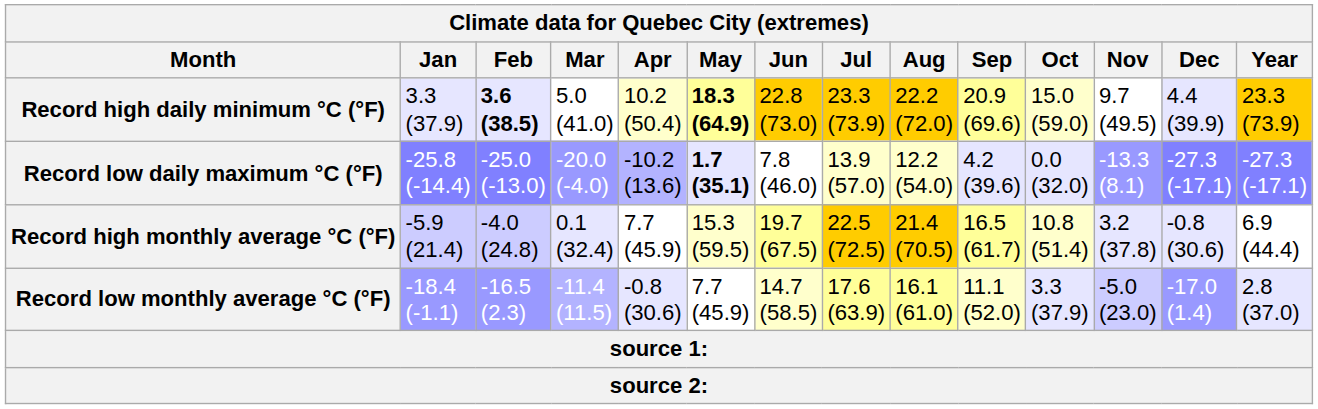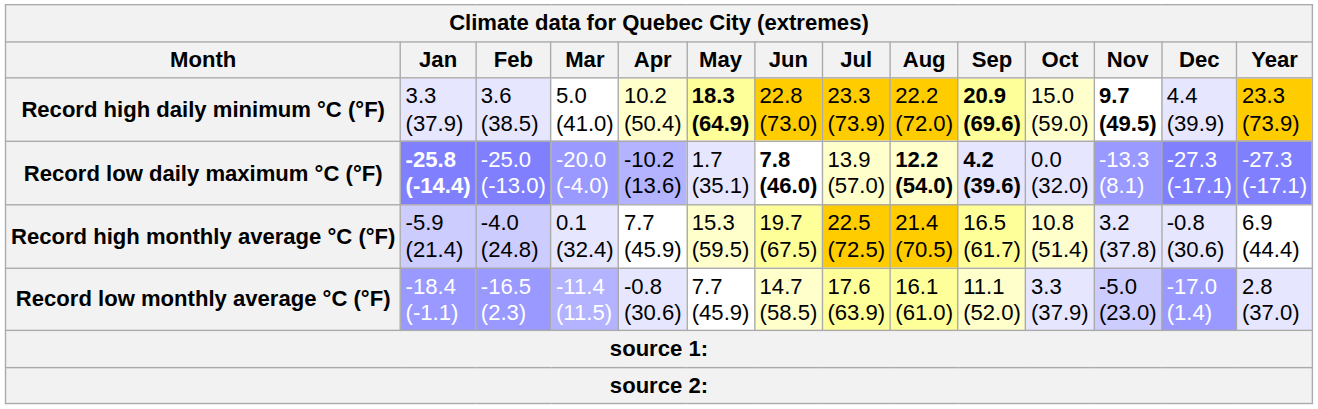 <table style="width:100%:text-align:center;line-height:1.2em;margin-left:auto;margin-left:auto;margin-right:auto"class="wikitable mw-collapsible mw-collapsed">
 <tr>
 <th Colspan=14>Climate data for Quebec City (extremes)</th>
 </tr>
 <tr>
 <th>Month</th>
 <th>Jan</th>
 <th>Feb</th>
 <th>Mar</th>
 <th>Apr</th>
 <th>May</th>
 <th>Jun</th>
 <th>Jul</th>
 <th>Aug</th>
 <th>Sep</th>
 <th>Oct</th>
 <th>Nov</th>
 <th>Dec</th>
 <th>Year</th>
 </tr>
 <tr>
 <th>Record high daily minimum °C (°F)</th>
 <td style="background:#E6E6FF;color:#000000;">3.3<br>(37.9)</td>
-<td style="background:#E6E6FF;color:#000000;"><strong>3.6<br>(38.5)</strong></td>
+<td style="background:#E6E6FF;color:#000000;">3.6<br>(38.5)</td>
 <td style="background:#FFFFFF;color:#000000;">5.0<br>(41.0)</td>
 <td style="background:#FFFFCC;color:#000000;">10.2<br>(50.4)</td>
 <td style="background:#FFFF99;color:#000000;"><strong>18.3<br>(64.9)</strong></td>
 <td style="background:#FFCC00;color:#000000;">22.8<br>(73.0)</td>
 <td style="background:#FFCC00;color:#000000;">23.3<br>(73.9)</td>
 <td style="background:#FFCC00;color:#000000;">22.2<br>(72.0)</td>
-<td style="background:#FFFF99;color:#000000;">20.9<br>(69.6)</td>
+<td style="background:#FFFF99;color:#000000;"><strong>20.9<br>(69.6)</strong></td>
 <td style="background:#FFFFCC;color:#000000;">15.0<br>(59.0)</td>
-<td style="background:#FFFFFF;color:#000000;">9.7<br>(49.5)</td>
+<td style="background:#FFFFFF;color:#000000;"><strong>9.7<br>(49.5)</strong></td>
 <td style="background:#E6E6FF;color:#000000;">4.4<br>(39.9)</td>
 <td style="background:#FFCC00;color:#000000;">23.3<br>(73.9)</td>
 </tr>
 <tr>
 <th>Record low daily maximum °C (°F)</th>
-<td style="background:#8080FF;color:#FFFFFF;">-25.8<br>(-14.4)</td>
+<td style="background:#8080FF;color:#FFFFFF;"><strong>-25.8<br>(-14.4)</strong></td>
 <td style="background:#8080FF;color:#FFFFFF;">-25.0<br>(-13.0)</td>
 <td style="background:#9999FF;color:#FFFFFF;">-20.0<br>(-4.0)</td>
 <td style="background:#B3B3FF;color:#000000;">-10.2<br>(13.6)</td>
-<td style="background:#E6E6FF;color:#000000;"><strong>1.7<br>(35.1)</strong></td>
-<td style="background:#FFFFFF;color:#000000;">7.8<br>(46.0)</td>
+<td style="background:#E6E6FF;color:#000000;">1.7<br>(35.1)</td>
+<td style="background:#FFFFFF;color:#000000;"><strong>7.8<br>(46.0)</strong></td>
 <td style="background:#FFFFCC;color:#000000;">13.9<br>(57.0)</td>
-<td style="background:#FFFFCC;color:#000000;">12.2<br>(54.0)</td>
-<td style="background:#E6E6FF;color:#000000;">4.2<br>(39.6)</td>
+<td style="background:#FFFFCC;color:#000000;"><strong>12.2<br>(54.0)</strong></td>
+<td style="background:#E6E6FF;color:#000000;"><strong>4.2<br>(39.6)</strong></td>
 <td style="background:#E6E6FF;color:#000000;">0.0<br>(32.0)</td>
 <td style="background:#9999FF;color:#FFFFFF;">-13.3<br>(8.1)</td>
 <td style="background:#8080FF;color:#FFFFFF;">-27.3<br>(-17.1)</td>
 <td style="background:#8080FF;color:#FFFFFF;">-27.3<br>(-17.1)</td>
 </tr>
 <tr>
 <th>Record high monthly average °C (°F)</th>
 <td style="background:#CCCCFF;color:#000000;">-5.9<br>(21.4)</td>
 <td style="background:#CCCCFF;color:#000000;">-4.0<br>(24.8)</td>
 <td style="background:#E6E6FF;color:#000000;">0.1<br>(32.4)</td>
 <td style="background:#FFFFFF;color:#000000;">7.7<br>(45.9)</td>
 <td style="background:#FFFFCC;color:#000000;">15.3<br>(59.5)</td>
 <td style="background:#FFFF99;color:#000000;">19.7<br>(67.5)</td>
 <td style="background:#FFCC00;color:#000000;">22.5<br>(72.5)</td>
 <td style="background:#FFCC00;color:#000000;">21.4<br>(70.5)</td>
 <td style="background:#FFFF99;color:#000000;">16.5<br>(61.7)</td>
 <td style="background:#FFFFCC;color:#000000;">10.8<br>(51.4)</td>
 <td style="background:#E6E6FF;color:#000000;">3.2<br>(37.8)</td>
 <td style="background:#E6E6FF;color:#000000;">-0.8<br>(30.6)</td>
 <td style="background:#FFFFFF;color:#000000;">6.9<br>(44.4)</td>
 </tr>
 <tr>
 <th>Record low monthly average °C (°F)</th>
 <td style="background:#9999FF;color:#FFFFFF;">-18.4<br>(-1.1)</td>
 <td style="background:#9999FF;color:#FFFFFF;">-16.5<br>(2.3)</td>
 <td style="background:#B3B3FF;color:#FFFFFF;">-11.4<br>(11.5)</td>
 <td style="background:#E6E6FF;color:#000000;">-0.8<br>(30.6)</td>
 <td style="background:#FFFFFF;color:#000000;">7.7<br>(45.9)</td>
 <td style="background:#FFFFCC;color:#000000;">14.7<br>(58.5)</td>
 <td style="background:#FFFF99;color:#000000;">17.6<br>(63.9)</td>
 <td style="background:#FFFF99;color:#000000;">16.1<br>(61.0)</td>
 <td style="background:#FFFFCC;color:#000000;">11.1<br>(52.0)</td>
 <td style="background:#E6E6FF;color:#000000;">3.3<br>(37.9)</td>
 <td style="background:#CCCCFF;color:#000000;">-5.0<br>(23.0)</td>
 <td style="background:#9999FF;color:#FFFFFF;">-17.0<br>(1.4)</td>
 <td style="background:#E6E6FF;color:#000000;">2.8<br>(37.0)</td>
 </tr>
 <tr>
 <th Colspan=14>source 1:</th>
 </tr>
 <tr>
 <th Colspan=14>source 2:</th>
 </tr>
 </table>
